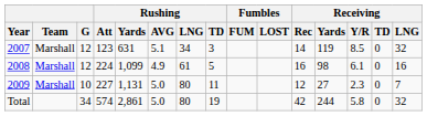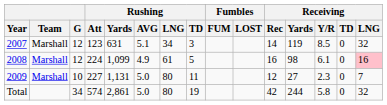 <table class="wikitable">
 <tr>
 <th colspan=3></th>
 <th colspan=5 align="center">Rushing</th>
 <th colspan=2 align="center">Fumbles</th>
 <th colspan=5 align="center">Receiving</th>
 </tr>
 <tr>
 <th><strong>Year</strong></th>
 <th><strong>Team</strong></th>
 <th><strong>G</strong></th>
 <th><strong>Att</strong></th>
 <th><strong>Yards</strong></th>
 <th><strong>AVG</strong></th>
 <th><strong>LNG</strong></th>
 <th><strong>TD</strong></th>
 <th><strong>FUM</strong></th>
 <th><strong>LOST</strong></th>
 <th><strong>Rec</strong></th>
 <th><strong>Yards</strong></th>
 <th><strong>Y/R</strong></th>
 <th><strong>TD</strong></th>
 <th><strong>LNG</strong></th>
 </tr>
 <tr>
 <td><a href='#'>2007</a></td>
 <td>Marshall</td>
 <td>12</td>
 <td>123</td>
 <td>631</td>
 <td>5.1</td>
 <td>34</td>
 <td>3</td>
 <td></td>
 <td></td>
 <td>14</td>
 <td>119</td>
 <td>8.5</td>
 <td>0</td>
 <td>32</td>
 </tr>
 <tr>
 <td><a href='#'>2008</a></td>
 <td><a href='#'>Marshall</a></td>
 <td>12</td>
 <td>224</td>
 <td>1,099</td>
 <td>4.9</td>
 <td>61</td>
 <td>5</td>
 <td></td>
 <td></td>
 <td>16</td>
 <td>98</td>
 <td>6.1</td>
 <td>0</td>
-<td>16</td>
+<td style="background: pink;">16</td>
 </tr>
 <tr>
 <td><a href='#'>2009</a></td>
 <td><a href='#'>Marshall</a></td>
 <td>10</td>
 <td>227</td>
 <td>1,131</td>
 <td>5.0</td>
 <td>80</td>
 <td>11</td>
 <td></td>
 <td></td>
 <td>12</td>
 <td>27</td>
 <td>2.3</td>
 <td>0</td>
 <td>7</td>
 </tr>
 <tr>
 <td>Total</td>
 <td></td>
 <td>34</td>
 <td>574</td>
 <td>2,861</td>
 <td>5.0</td>
 <td>80</td>
 <td>19</td>
 <td></td>
 <td></td>
 <td>42</td>
 <td>244</td>
 <td>5.8</td>
 <td>0</td>
 <td>32</td>
 </tr>
 </table>
